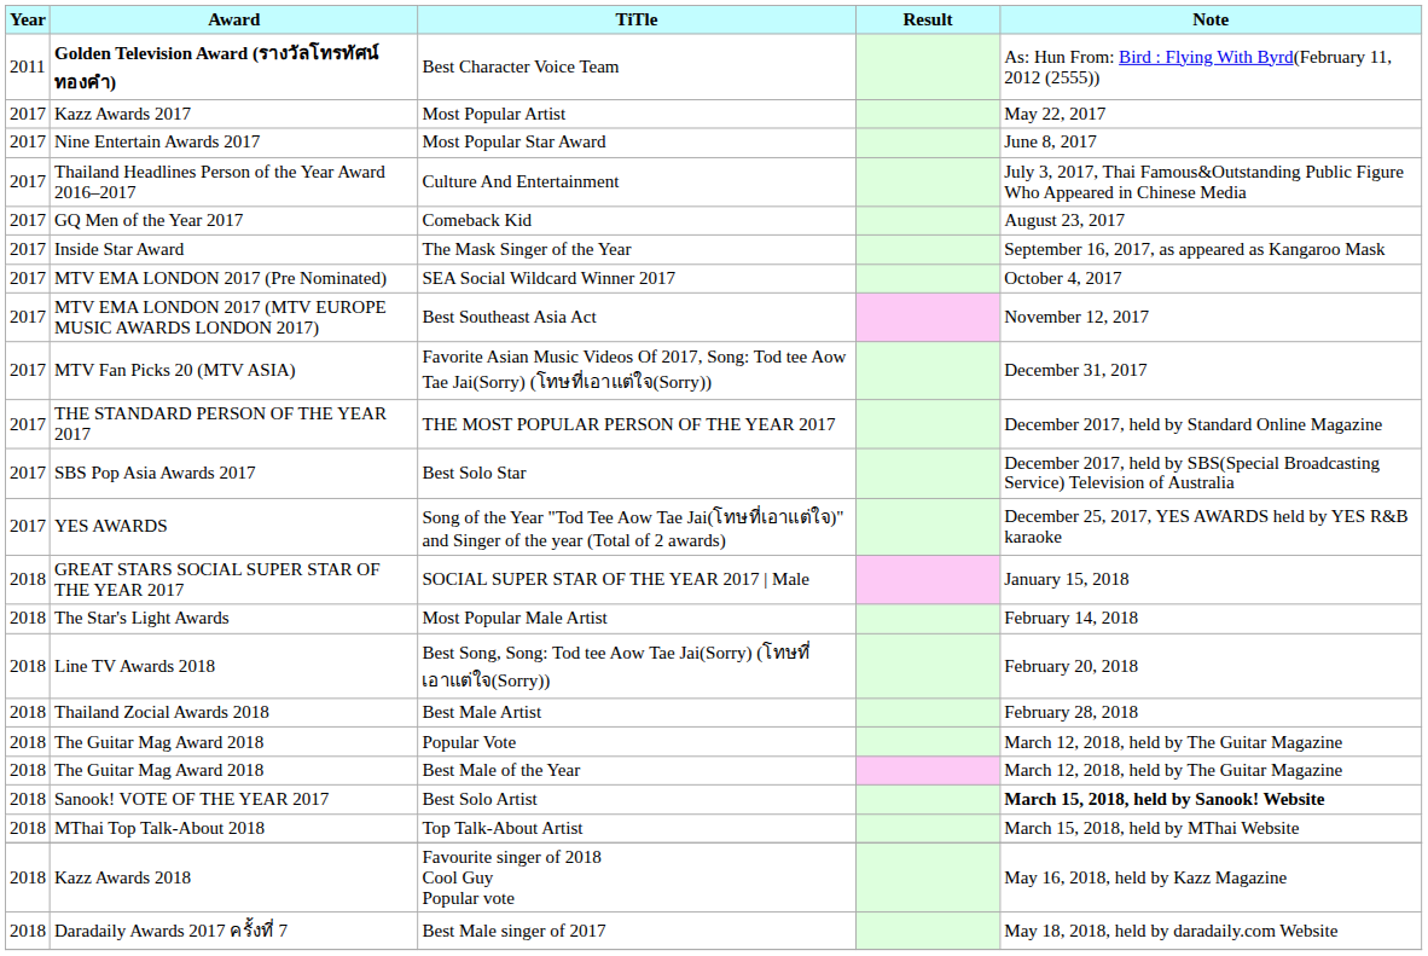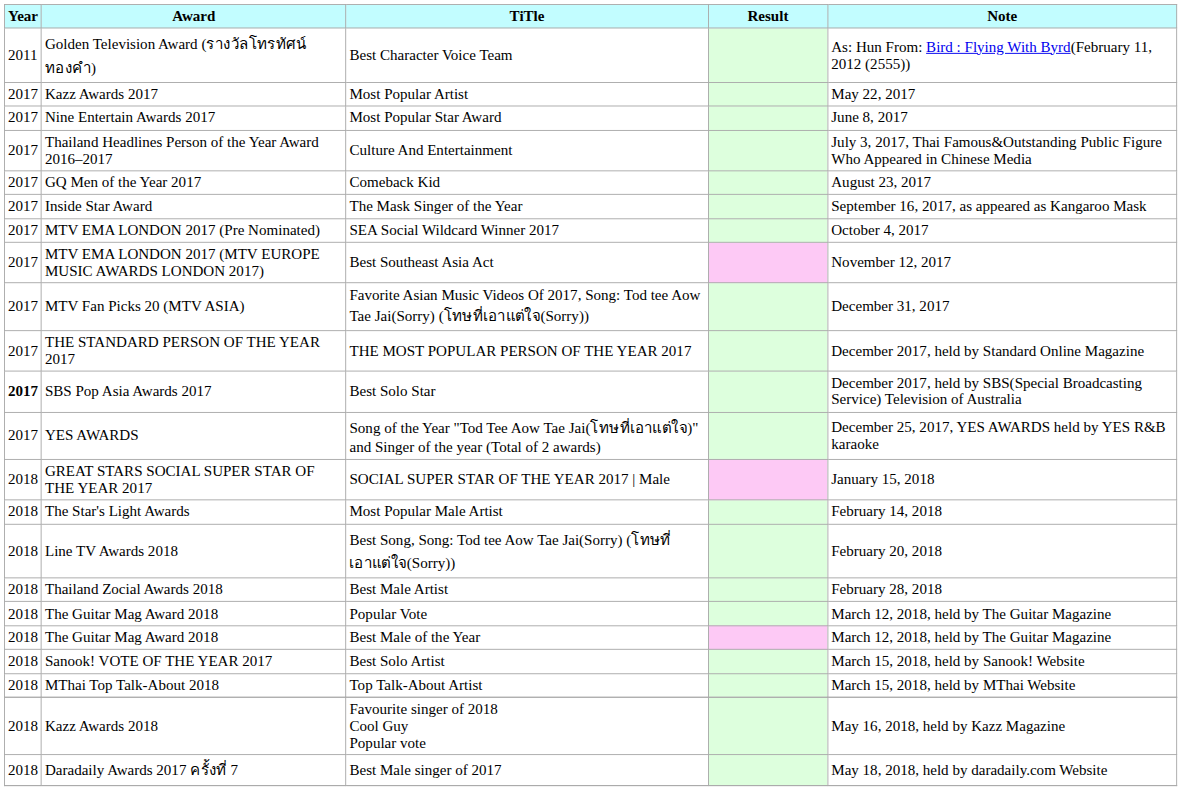 <table class="wikitable">
 <tr>
 <th style="background: #c2fdff">Year</th>
 <th style="background: #c2fdff">Award</th>
 <th style="background: #c2fdff">TiTle</th>
 <th style="background: #c2fdff" width="120">Result</th>
 <th style="background: #c2fdff">Note</th>
 </tr>
 <tr>
 <td style="background: #ffffff">2011</td>
-<td style="background: #ffffff"><strong>Golden Television Award (รางวัลโทรทัศน์ทองคำ)</strong></td>
+<td style="background: #ffffff">Golden Television Award (รางวัลโทรทัศน์ทองคำ)</td>
 <td style="background: #ffffff">Best Character Voice Team</td>
 <td style="background: #ddffdd"></td>
 <td style="background: #ffffff">As: Hun From: <a href='#'>Bird : Flying With Byrd</a>(February 11, 2012 (2555))</td>
 </tr>
 <tr>
 <td style="background: #ffffff">2017</td>
 <td style="background: #ffffff">Kazz Awards 2017</td>
 <td style="background: #ffffff">Most Popular Artist</td>
 <td style="background: #ddffdd"></td>
 <td style="background: #ffffff">May 22, 2017</td>
 </tr>
 <tr>
 <td style="background: #ffffff">2017</td>
 <td style="background: #ffffff">Nine Entertain Awards 2017</td>
 <td style="background: #ffffff">Most Popular Star Award</td>
 <td style="background: #ddffdd"></td>
 <td style="background: #ffffff">June 8, 2017</td>
 </tr>
 <tr>
 <td style="background: #ffffff">2017</td>
 <td style="background: #ffffff">Thailand Headlines Person of the Year Award 2016–2017</td>
 <td style="background: #ffffff">Culture And Entertainment</td>
 <td style="background: #ddffdd"></td>
 <td style="background: #ffffff">July 3, 2017, Thai Famous&Outstanding Public Figure Who Appeared in Chinese Media</td>
 </tr>
 <tr>
 <td style="background: #ffffff">2017</td>
 <td style="background: #ffffff">GQ Men of the Year 2017</td>
 <td style="background: #ffffff">Comeback Kid</td>
 <td style="background: #ddffdd"></td>
 <td style="background: #ffffff">August 23, 2017</td>
 </tr>
 <tr>
 <td style="background: #ffffff">2017</td>
 <td style="background: #ffffff">Inside Star Award</td>
 <td style="background: #ffffff">The Mask Singer of the Year</td>
 <td style="background: #ddffdd"></td>
 <td style="background: #ffffff">September 16, 2017, as appeared as Kangaroo Mask</td>
 </tr>
 <tr>
 <td style="background: #ffffff">2017</td>
 <td style="background: #ffffff">MTV EMA LONDON 2017 (Pre Nominated)</td>
 <td style="background: #ffffff">SEA Social Wildcard Winner 2017</td>
 <td style="background: #ddffdd"></td>
 <td style="background: #ffffff">October 4, 2017</td>
 </tr>
 <tr>
 <td style="background: #ffffff">2017</td>
 <td style="background: #ffffff">MTV EMA LONDON 2017 (MTV EUROPE MUSIC AWARDS LONDON 2017)</td>
 <td style="background: #ffffff">Best Southeast Asia Act</td>
 <td style="background: #fdc9f5"></td>
 <td style="background: #ffffff">November 12, 2017</td>
 </tr>
 <tr>
 <td style="background: #ffffff">2017</td>
 <td style="background: #ffffff">MTV Fan Picks 20 (MTV ASIA)</td>
 <td style="background: #ffffff">Favorite Asian Music Videos Of 2017, Song: Tod tee Aow Tae Jai(Sorry) (โทษที่เอาแต่ใจ(Sorry))</td>
 <td style="background: #ddffdd"></td>
 <td style="background: #ffffff">December 31, 2017</td>
 </tr>
 <tr>
 <td style="background: #ffffff">2017</td>
 <td style="background: #ffffff">THE STANDARD PERSON OF THE YEAR 2017</td>
 <td style="background: #ffffff">THE MOST POPULAR PERSON OF THE YEAR 2017</td>
 <td style="background: #ddffdd"></td>
 <td style="background: #ffffff">December 2017, held by Standard Online Magazine</td>
 </tr>
 <tr>
-<td style="background: #ffffff">2017</td>
+<td style="background: #ffffff"><strong>2017</strong></td>
 <td style="background: #ffffff">SBS Pop Asia Awards 2017</td>
 <td style="background: #ffffff">Best Solo Star</td>
 <td style="background: #ddffdd"></td>
 <td style="background: #ffffff">December 2017, held by SBS(Special Broadcasting Service) Television of Australia</td>
 </tr>
 <tr>
 <td style="background: #ffffff">2017</td>
 <td style="background: #ffffff">YES AWARDS</td>
 <td style="background: #ffffff">Song of the Year "Tod Tee Aow Tae Jai(โทษที่เอาแต่ใจ)" and Singer of the year (Total of 2 awards)</td>
 <td style="background: #ddffdd"></td>
 <td style="background: #ffffff">December 25, 2017, YES AWARDS held by YES R&B karaoke</td>
 </tr>
 <tr>
 <td style="background: #ffffff">2018</td>
 <td style="background: #ffffff">GREAT STARS SOCIAL SUPER STAR OF THE YEAR 2017</td>
 <td style="background: #ffffff">SOCIAL SUPER STAR OF THE YEAR 2017 | Male</td>
 <td style="background: #fdc9f5"></td>
 <td style="background: #ffffff">January 15, 2018</td>
 </tr>
 <tr>
 <td style="background: #ffffff">2018</td>
 <td style="background: #ffffff">The Star's Light Awards</td>
 <td style="background: #ffffff">Most Popular Male Artist</td>
 <td style="background: #ddffdd"></td>
 <td style="background: #ffffff">February 14, 2018</td>
 </tr>
 <tr>
 <td style="background: #ffffff">2018</td>
 <td style="background: #ffffff">Line TV Awards 2018</td>
 <td style="background: #ffffff">Best Song, Song: Tod tee Aow Tae Jai(Sorry) (โทษที่เอาแต่ใจ(Sorry))</td>
 <td style="background: #ddffdd"></td>
 <td style="background: #ffffff">February 20, 2018</td>
 </tr>
 <tr>
 <td style="background: #ffffff">2018</td>
 <td style="background: #ffffff">Thailand Zocial Awards 2018</td>
 <td style="background: #ffffff">Best Male Artist</td>
 <td style="background: #ddffdd"></td>
 <td style="background: #ffffff">February 28, 2018</td>
 </tr>
 <tr>
 <td style="background: #ffffff">2018</td>
 <td style="background: #ffffff">The Guitar Mag Award 2018</td>
 <td style="background: #ffffff">Popular Vote</td>
 <td style="background: #ddffdd"></td>
 <td style="background: #ffffff">March 12, 2018, held by The Guitar Magazine</td>
 </tr>
 <tr>
 <td style="background: #ffffff">2018</td>
 <td style="background: #ffffff">The Guitar Mag Award 2018</td>
 <td style="background: #ffffff">Best Male of the Year</td>
 <td style="background: #fdc9f5"></td>
 <td style="background: #ffffff">March 12, 2018, held by The Guitar Magazine</td>
 </tr>
 <tr>
 <td style="background: #ffffff">2018</td>
 <td style="background: #ffffff">Sanook! VOTE OF THE YEAR 2017</td>
 <td style="background: #ffffff">Best Solo Artist</td>
 <td style="background: #ddffdd"></td>
-<td style="background: #ffffff"><strong>March 15, 2018, held by Sanook! Website</strong></td>
+<td style="background: #ffffff">March 15, 2018, held by Sanook! Website</td>
 </tr>
 <tr>
 <td style="background: #ffffff">2018</td>
 <td style="background: #ffffff">MThai Top Talk-About 2018</td>
 <td style="background: #ffffff">Top Talk-About Artist</td>
 <td style="background: #ddffdd"></td>
 <td style="background: #ffffff">March 15, 2018, held by MThai Website</td>
 </tr>
 <tr>
 </tr>
 <tr>
 <td style="background: #ffffff">2018</td>
 <td style="background: #ffffff">Kazz Awards 2018</td>
 <td style="background: #ffffff">Favourite singer of 2018 <br>Cool Guy <br>Popular vote</td>
 <td style="background: #ddffdd"></td>
 <td style="background: #ffffff">May 16, 2018, held by Kazz Magazine</td>
 </tr>
 <tr>
 <td style="background: #ffffff">2018</td>
 <td style="background: #ffffff">Daradaily Awards 2017 ครั้งที่ 7</td>
 <td style="background: #ffffff">Best Male singer of 2017</td>
 <td style="background: #ddffdd"></td>
 <td style="background: #ffffff">May 18, 2018, held by daradaily.com Website</td>
 </tr>
 <tr>
 </tr>
 </table>
